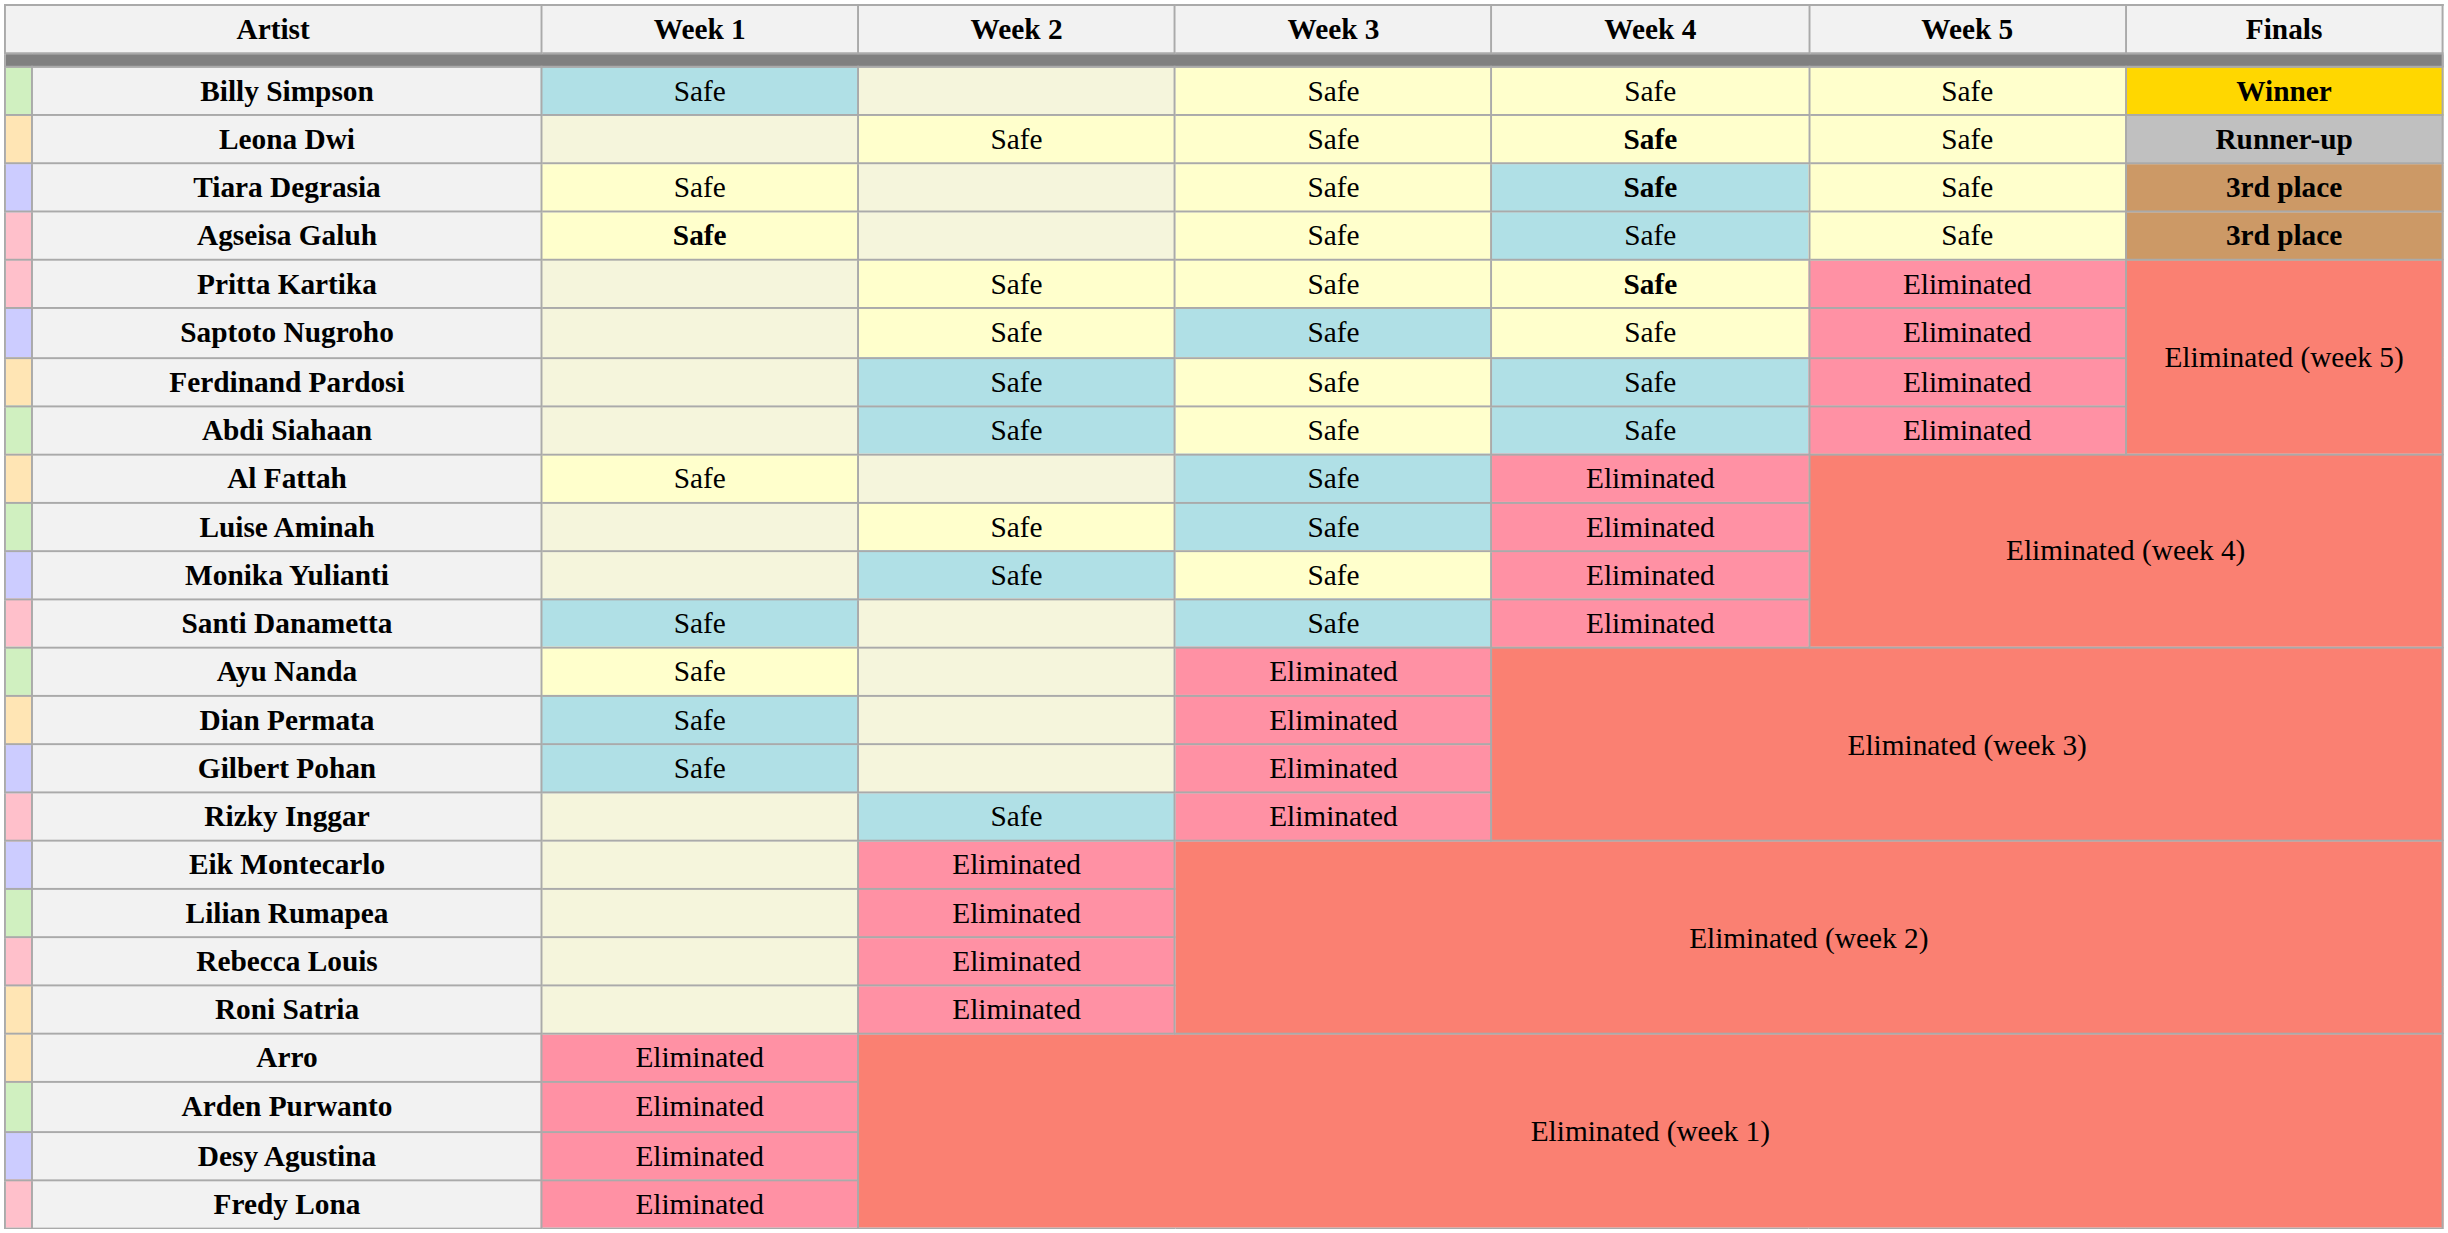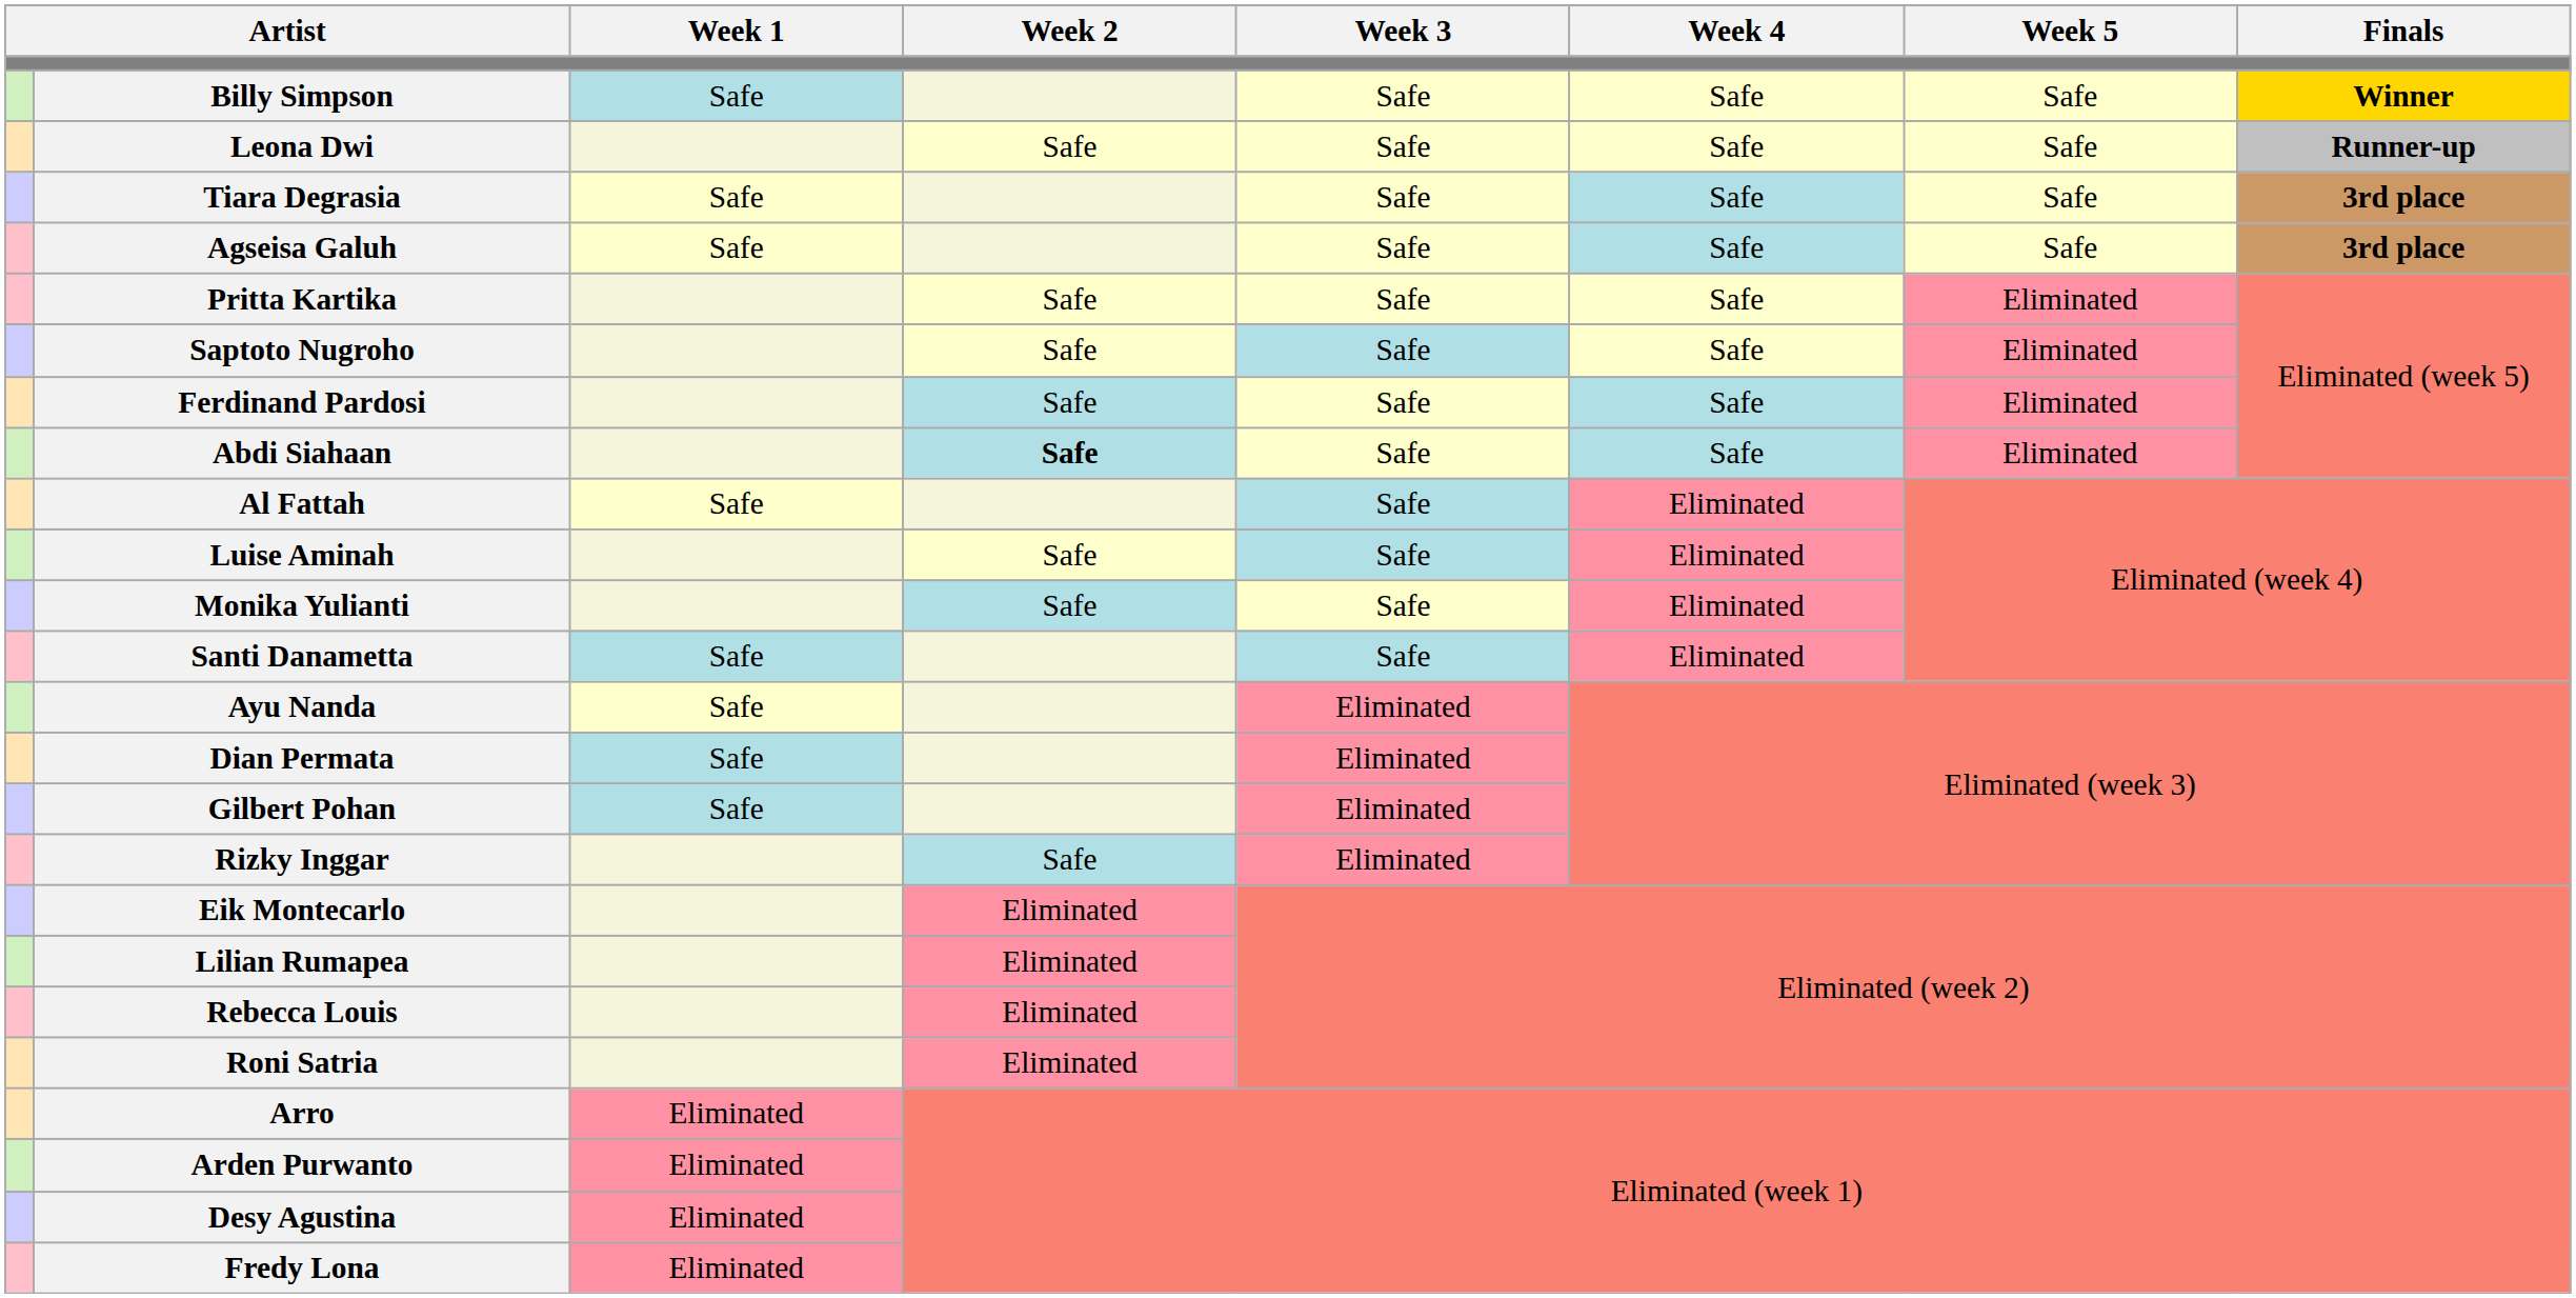 <table class="wikitable"  style="text-align:center; font-size:95%; width:100%;">
 <tr>
 </tr>
 <tr>
 <th colspan="2">Artist</th>
 <th style="width:13%;">Week 1</th>
 <th style="width:13%;">Week 2</th>
 <th style="width:13%;">Week 3</th>
 <th style="width:13%;">Week 4</th>
 <th style="width:13%;">Week 5</th>
 <th style="width:13%;">Finals</th>
 </tr>
 <tr>
 <th colspan="8" style="background:gray;"></th>
 </tr>
 <tr>
 <th style="background:#d0f0c0;"></th>
 <th>Billy Simpson</th>
 <td style="background:#b0e0e6">Safe</td>
 <td style="background:#F5F5DC;"></td>
 <td style="background:#ffc;">Safe</td>
 <td style="background:#ffc;">Safe</td>
 <td style="background:#ffc;">Safe</td>
 <td style="background:gold;"><strong>Winner</strong></td>
 </tr>
 <tr>
 <th style="background:#ffe5b4;"></th>
 <th>Leona Dwi</th>
 <td style="background:#F5F5DC;"></td>
 <td style="background:#ffc;">Safe</td>
 <td style="background:#ffc;">Safe</td>
-<td style="background:#ffc;"><strong>Safe</strong></td>
+<td style="background:#ffc;">Safe</td>
 <td style="background:#ffc;">Safe</td>
 <td style="background:silver;"><strong>Runner-up</strong></td>
 </tr>
 <tr>
 <th style="background:#ccf;"></th>
 <th>Tiara Degrasia</th>
 <td style="background:#ffc;">Safe</td>
 <td style="background:#F5F5DC;"></td>
 <td style="background:#ffc;">Safe</td>
-<td style="background:#b0e0e6"><strong>Safe</strong></td>
+<td style="background:#b0e0e6">Safe</td>
 <td style="background:#ffc;">Safe</td>
 <td style="background:#c96;"><strong>3rd place</strong></td>
 </tr>
 <tr>
 <th style="background:pink;"></th>
 <th>Agseisa Galuh</th>
-<td style="background:#ffc;"><strong>Safe</strong></td>
+<td style="background:#ffc;">Safe</td>
 <td style="background:#F5F5DC;"></td>
 <td style="background:#ffc;">Safe</td>
 <td style="background:#b0e0e6">Safe</td>
 <td style="background:#ffc;">Safe</td>
 <td style="background:#c96;"><strong>3rd place</strong></td>
 </tr>
 <tr>
 <th style="background:pink;"></th>
 <th>Pritta Kartika</th>
 <td style="background:#F5F5DC;"></td>
 <td style="background:#ffc;">Safe</td>
 <td style="background:#ffc;">Safe</td>
-<td style="background:#ffc;"><strong>Safe</strong></td>
+<td style="background:#ffc;">Safe</td>
 <td style="background:#FF91A4;">Eliminated</td>
 <td rowspan="4" colspan="5" style="background:salmon;">Eliminated (week 5)</td>
 </tr>
 <tr>
 <th style="background:#ccf;"></th>
 <th>Saptoto Nugroho</th>
 <td style="background:#F5F5DC;"></td>
 <td style="background:#ffc;">Safe</td>
 <td style="background:#b0e0e6">Safe</td>
 <td style="background:#ffc;">Safe</td>
 <td style="background:#FF91A4;">Eliminated</td>
 </tr>
 <tr>
 <th style="background:#ffe5b4;"></th>
 <th>Ferdinand Pardosi</th>
 <td style="background:#F5F5DC;"></td>
 <td style="background:#b0e0e6;">Safe</td>
 <td style="background:#ffc;">Safe</td>
 <td style="background:#b0e0e6">Safe</td>
 <td style="background:#FF91A4;">Eliminated</td>
 </tr>
 <tr>
 <th style="background:#d0f0c0;"></th>
 <th>Abdi Siahaan</th>
 <td style="background:#F5F5DC;"></td>
-<td style="background:#b0e0e6">Safe</td>
+<td style="background:#b0e0e6"><strong>Safe</strong></td>
 <td style="background:#ffc;">Safe</td>
 <td style="background:#b0e0e6">Safe</td>
 <td style="background:#FF91A4;">Eliminated</td>
 </tr>
 <tr>
 <th style="background:#ffe5b4;"></th>
 <th>Al Fattah</th>
 <td style="background:#ffc;">Safe</td>
 <td style="background:#F5F5DC;"></td>
 <td style="background:#b0e0e6">Safe</td>
 <td style="background:#FF91A4;">Eliminated</td>
 <td rowspan="4" colspan="5" style="background:salmon;">Eliminated (week 4)</td>
 </tr>
 <tr>
 <th style="background:#d0f0c0;"></th>
 <th>Luise Aminah</th>
 <td style="background:#F5F5DC;"></td>
 <td style="background:#ffc;">Safe</td>
 <td style="background:#b0e0e6">Safe</td>
 <td style="background:#FF91A4;">Eliminated</td>
 </tr>
 <tr>
 <th style="background:#ccf;"></th>
 <th>Monika Yulianti</th>
 <td style="background:#F5F5DC;"></td>
 <td style="background:#b0e0e6">Safe</td>
 <td style="background:#ffc;">Safe</td>
 <td style="background:#FF91A4;">Eliminated</td>
 </tr>
 <tr>
 <th style="background:pink;"></th>
 <th>Santi Danametta</th>
 <td style="background:#b0e0e6">Safe</td>
 <td style="background:#F5F5DC;"></td>
 <td style="background:#b0e0e6">Safe</td>
 <td style="background:#FF91A4;">Eliminated</td>
 </tr>
 <tr>
 <th style="background:#d0f0c0;"></th>
 <th>Ayu Nanda</th>
 <td style="background:#ffc;">Safe</td>
 <td style="background:#F5F5DC;"></td>
 <td style="background:#FF91A4;">Eliminated</td>
 <td rowspan="4" colspan="5" style="background:salmon;">Eliminated (week 3)</td>
 </tr>
 <tr>
 <th style="background:#ffe5b4;"></th>
 <th>Dian Permata</th>
 <td style="background:#b0e0e6">Safe</td>
 <td style="background:#F5F5DC;"></td>
 <td style="background:#FF91A4;">Eliminated</td>
 </tr>
 <tr>
 <th style="background:#ccf;"></th>
 <th>Gilbert Pohan</th>
 <td style="background:#b0e0e6">Safe</td>
 <td style="background:#F5F5DC;"></td>
 <td style="background:#FF91A4;">Eliminated</td>
 </tr>
 <tr>
 <th style="background:pink;"></th>
 <th>Rizky Inggar</th>
 <td style="background:#F5F5DC;"></td>
 <td style="background:#b0e0e6">Safe</td>
 <td style="background:#FF91A4;">Eliminated</td>
 </tr>
 <tr>
 <th style="background:#ccf;"></th>
 <th>Eik Montecarlo</th>
 <td style="background:#F5F5DC;"></td>
 <td style="background:#FF91A4;">Eliminated</td>
 <td rowspan="4" colspan="5" style="background:salmon;">Eliminated (week 2)</td>
 </tr>
 <tr>
 <th style="background:#d0f0c0;"></th>
 <th>Lilian Rumapea</th>
 <td style="background:#F5F5DC;"></td>
 <td style="background:#FF91A4;">Eliminated</td>
 </tr>
 <tr>
 <th style="background:pink;"></th>
 <th>Rebecca Louis</th>
 <td style="background:#F5F5DC;"></td>
 <td style="background:#FF91A4;">Eliminated</td>
 </tr>
 <tr>
 <th style="background:#ffe5b4;"></th>
 <th>Roni Satria</th>
 <td style="background:#F5F5DC;"></td>
 <td style="background:#FF91A4;">Eliminated</td>
 </tr>
 <tr>
 <th style="background:#ffe5b4;"></th>
 <th>Arro</th>
 <td style="background:#FF91A4;">Eliminated</td>
 <td rowspan="4" colspan="5" style="background:salmon;">Eliminated (week 1)</td>
 </tr>
 <tr>
 <th style="background:#d0f0c0;"></th>
 <th>Arden Purwanto</th>
 <td style="background:#FF91A4;">Eliminated</td>
 </tr>
 <tr>
 <th style="background:#ccf;"></th>
 <th>Desy Agustina</th>
 <td style="background:#FF91A4;">Eliminated</td>
 </tr>
 <tr>
 <th style="background:pink;"></th>
 <th>Fredy Lona</th>
 <td style="background:#FF91A4;">Eliminated</td>
 </tr>
 </table>
